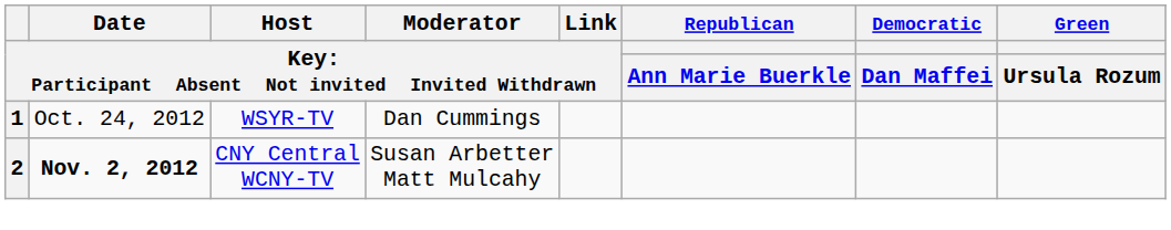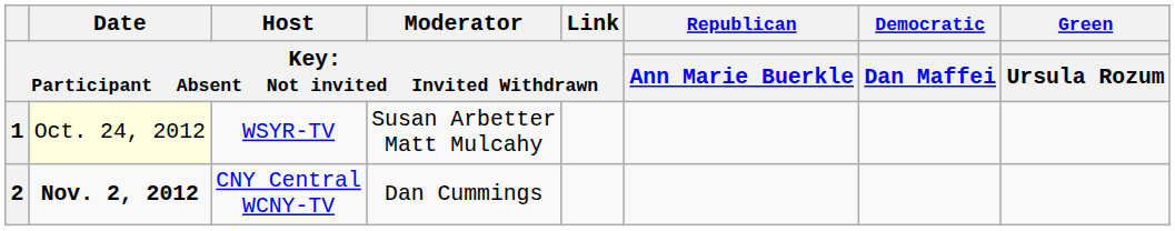 <table class="wikitable" style="text-align:center;">
 <tr>
 <th scope="col"></th>
 <th scope="col">Date</th>
 <th scope="col">Host</th>
 <th scope="col">Moderator</th>
 <th scope="col">Link</th>
 <th scope="col"><small><a href='#'>Republican</a></small></th>
 <th scope="col"><small><a href='#'>Democratic</a></small></th>
 <th scope="col"><small><a href='#'>Green</a></small></th>
 </tr>
 <tr>
 <th colspan="5" rowspan="2">Key:<br> <small>Participant </small>  <small>Absent </small>  <small>Not invited </small>  <small>Invited  Withdrawn</small></th>
 <th scope="col" style="background:"></th>
 <th scope="col" style="background:"></th>
 <th scope="col" style="background:"></th>
 </tr>
 <tr>
 <th scope="col"><a href='#'>Ann Marie Buerkle</a></th>
 <th scope="col"><a href='#'>Dan Maffei</a></th>
 <th scope="col">Ursula Rozum</th>
 </tr>
 <tr>
 <th>1</th>
-<td style="white-space:nowrap;">Oct. 24, 2012</td>
+<td style="background: lightyellow; white-space:nowrap;">Oct. 24, 2012</td>
 <td style="white-space:nowrap;"><a href='#'>WSYR-TV</a></td>
-<td style="white-space:nowrap;">Dan Cummings</td>
+<td style="white-space:nowrap;">Susan Arbetter<br>Matt Mulcahy</td>
 <td style="white-space:nowrap;"></td>
 <td></td>
 <td></td>
 <td></td>
 </tr>
 <tr>
 <th>2</th>
 <td style="white-space:nowrap;"><strong>Nov. 2, 2012</strong></td>
 <td style="white-space:nowrap;"><a href='#'>CNY Central</a><br><a href='#'>WCNY-TV</a></td>
-<td style="white-space:nowrap;">Susan Arbetter<br>Matt Mulcahy</td>
+<td style="white-space:nowrap;">Dan Cummings</td>
 <td style="white-space:nowrap;"></td>
 <td></td>
 <td></td>
 <td></td>
 </tr>
 </table>
